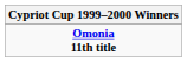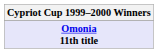 <table class="wikitable" style="text-align:center;margin: 0 auto;">
 <tr>
 <th>Cypriot Cup 1999–2000 Winners</th>
 </tr>
 <tr>
 </tr>
 <tr>
-<td><strong><a href='#'>Omonia</a></strong><br><strong>11th title</strong></td>
+<td style="background: lavender;"><strong><a href='#'>Omonia</a></strong><br><strong>11th title</strong></td>
 </tr>
 </table>
